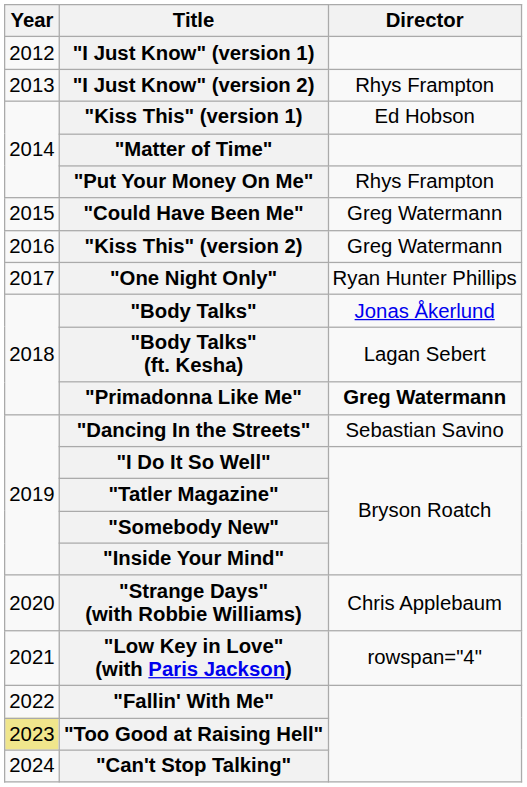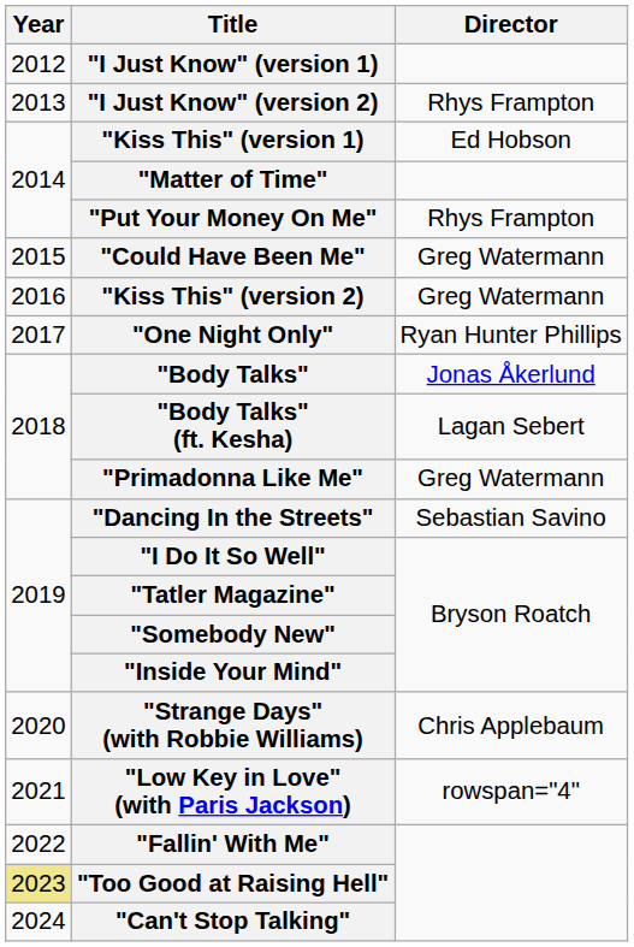 <table class="wikitable plainrowheaders" style="text-align:center;">
 <tr>
 <th scope="col">Year</th>
 <th scope="col">Title</th>
 <th scope="col">Director</th>
 </tr>
 <tr>
 <td>2012</td>
 <th scope="row">"I Just Know" (version 1)</th>
 <td></td>
 </tr>
 <tr>
 <td>2013</td>
 <th scope="row">"I Just Know" (version 2)</th>
 <td>Rhys Frampton</td>
 </tr>
 <tr>
 <td rowspan="3">2014</td>
 <th scope="row">"Kiss This" (version 1)</th>
 <td>Ed Hobson</td>
 </tr>
 <tr>
 <th scope="row">"Matter of Time"</th>
 <td></td>
 </tr>
 <tr>
 <th scope="row">"Put Your Money On Me"</th>
 <td>Rhys Frampton</td>
 </tr>
 <tr>
 <td>2015</td>
 <th scope="row">"Could Have Been Me"</th>
 <td>Greg Watermann</td>
 </tr>
 <tr>
 <td>2016</td>
 <th scope="row">"Kiss This" (version 2)</th>
 <td>Greg Watermann</td>
 </tr>
 <tr>
 <td>2017</td>
 <th scope="row">"One Night Only"</th>
 <td>Ryan Hunter Phillips</td>
 </tr>
 <tr>
 <td rowspan="3">2018</td>
 <th scope="row">"Body Talks"</th>
 <td><a href='#'>Jonas Åkerlund</a></td>
 </tr>
 <tr>
 <th scope="row">"Body Talks" <br><span>(ft. Kesha)</span></th>
 <td>Lagan Sebert</td>
 </tr>
 <tr>
 <th scope="row">"Primadonna Like Me"</th>
-<td><strong>Greg Watermann</strong></td>
+<td>Greg Watermann</td>
 </tr>
 <tr>
 <td rowspan="5">2019</td>
 <th scope="row">"Dancing In the Streets"</th>
 <td>Sebastian Savino</td>
 </tr>
 <tr>
 <th scope="row">"I Do It So Well"</th>
 <td rowspan="4">Bryson Roatch</td>
 </tr>
 <tr>
 <th scope="row">"Tatler Magazine"</th>
 </tr>
 <tr>
 <th scope="row">"Somebody New"</th>
 </tr>
 <tr>
 <th scope="row">"Inside Your Mind"</th>
 </tr>
 <tr>
 <td>2020</td>
 <th scope="row">"Strange Days" <br><span>(with Robbie Williams)</span></th>
 <td>Chris Applebaum</td>
 </tr>
 <tr>
 <td>2021</td>
 <th scope="row">"Low Key in Love"<br><span>(with <a href='#'>Paris Jackson</a>)</span></th>
 <td>rowspan="4" </td>
 </tr>
 <tr>
 <td>2022</td>
 <th scope="row">"Fallin' With Me"</th>
 </tr>
 <tr>
 <td style="background: khaki;">2023</td>
 <th scope="row">"Too Good at Raising Hell"</th>
 </tr>
 <tr>
 <td>2024</td>
 <th scope="row">"Can't Stop Talking"</th>
 </tr>
 </table>
